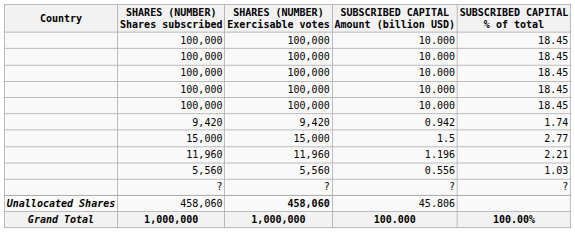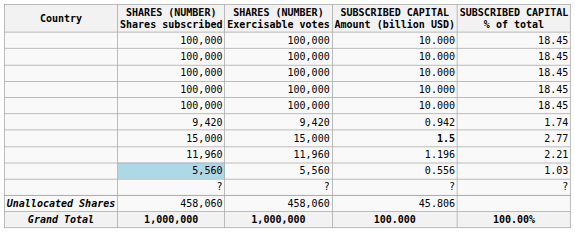 <table class="wikitable sortable" style="text-align: right">
 <tr>
 <th>Country</th>
 <th>SHARES (NUMBER)<br>Shares subscribed</th>
 <th>SHARES (NUMBER)<br>Exercisable votes</th>
 <th>SUBSCRIBED CAPITAL<br>Amount (billion USD)</th>
 <th>SUBSCRIBED CAPITAL<br>% of total</th>
 </tr>
 <tr>
 <td align=left><strong></strong></td>
 <td>100,000</td>
 <td>100,000</td>
 <td>10.000</td>
 <td>18.45</td>
 </tr>
 <tr>
 <td align="left"><strong></strong></td>
 <td>100,000</td>
 <td>100,000</td>
 <td>10.000</td>
 <td>18.45</td>
 </tr>
 <tr>
 <td align="left"><strong></strong></td>
 <td>100,000</td>
 <td>100,000</td>
 <td>10.000</td>
 <td>18.45</td>
 </tr>
 <tr>
 <td align=left><strong></strong></td>
 <td>100,000</td>
 <td>100,000</td>
 <td>10.000</td>
 <td>18.45</td>
 </tr>
 <tr>
 <td align=left><strong></strong></td>
 <td>100,000</td>
 <td>100,000</td>
 <td>10.000</td>
 <td>18.45</td>
 </tr>
 <tr>
 <td align=left><strong></strong></td>
 <td>9,420</td>
 <td>9,420</td>
 <td>0.942</td>
 <td>1.74</td>
 </tr>
 <tr>
 <td align=left><strong></strong></td>
 <td>15,000</td>
 <td>15,000</td>
-<td>1.5</td>
+<td><strong>1.5</strong></td>
 <td>2.77</td>
 </tr>
 <tr>
 <td align="left"><strong></strong></td>
 <td>11,960</td>
 <td>11,960</td>
 <td>1.196</td>
 <td>2.21</td>
 </tr>
 <tr>
 <td align="left"><strong></strong></td>
-<td>5,560</td>
+<td style="background: lightblue;">5,560</td>
 <td>5,560</td>
 <td>0.556</td>
 <td>1.03</td>
 </tr>
 <tr>
 <td align="left"><strong></strong></td>
 <td>?</td>
 <td>?</td>
 <td>?</td>
 <td>?</td>
 </tr>
 <tr>
 </tr>
 <tr class="sortbottom">
 <td align=left><strong><em>Unallocated Shares</em></strong></td>
 <td>458,060</td>
-<td><strong>458,060</strong></td>
+<td>458,060</td>
 <td>45.806</td>
 <td></td>
 </tr>
 <tr class="sortbottom">
 <th align=left><strong><em>Grand Total</em></strong></th>
 <th>1,000,000</th>
 <th>1,000,000</th>
 <th>100.000</th>
 <th>100.00%</th>
 </tr>
 </table>
